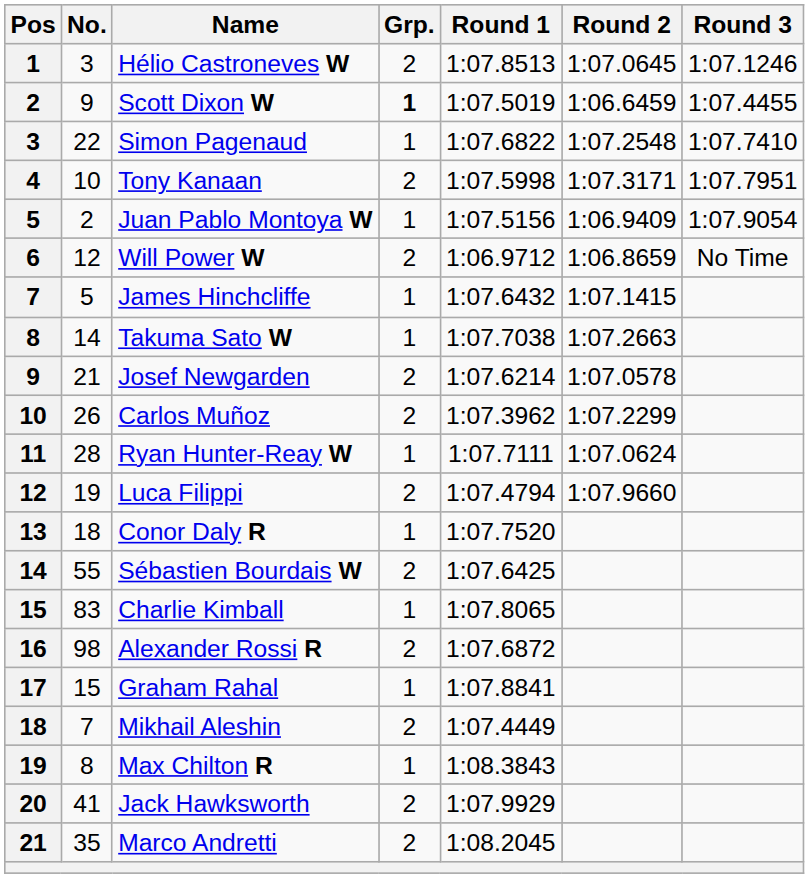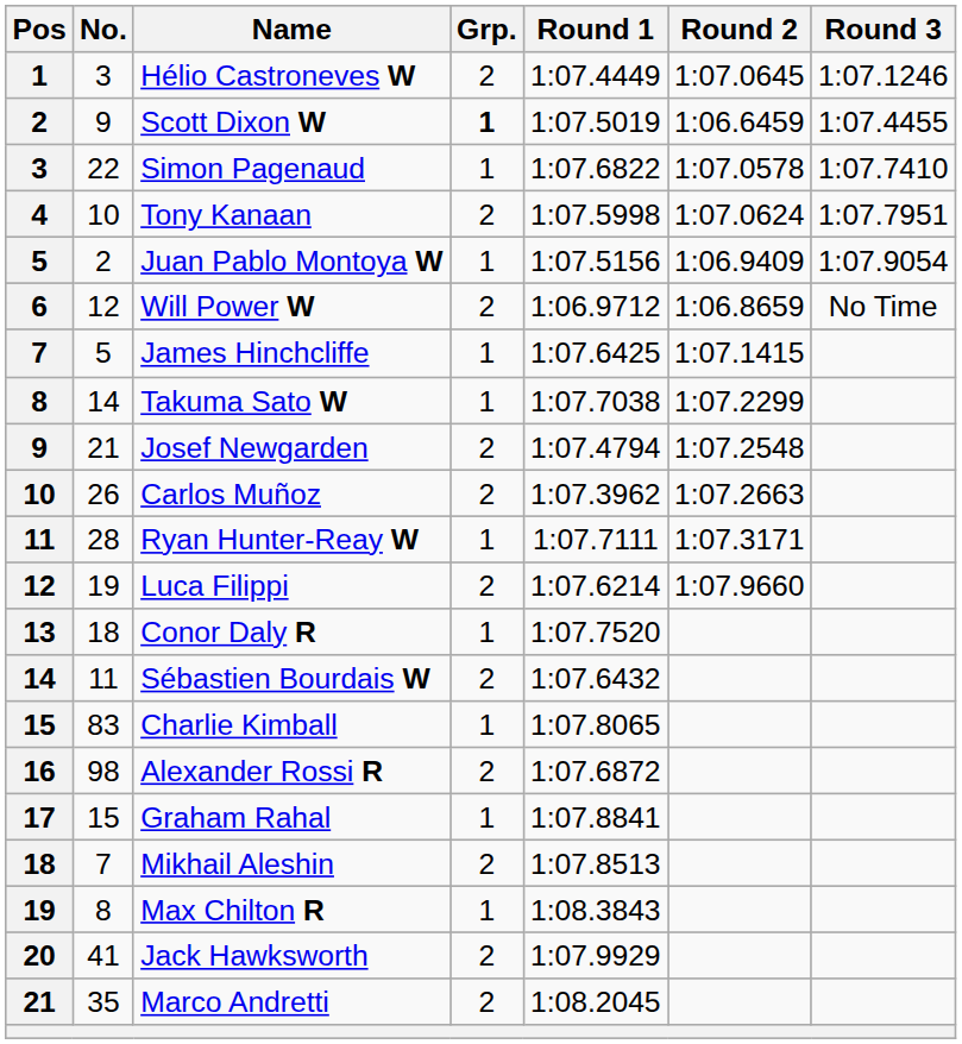 <table class="wikitable sortable" style="text-align:center; font-size: 95%;">
 <tr>
 <th>Pos</th>
 <th>No.</th>
 <th>Name</th>
 <th>Grp.</th>
 <th>Round 1</th>
 <th>Round 2</th>
 <th>Round 3</th>
 </tr>
 <tr>
 <th scope=>1</th>
 <td>3</td>
 <td align="left"> <a href='#'>Hélio Castroneves</a> <strong><span>W</span></strong></td>
 <td>2</td>
-<td>1:07.8513</td>
+<td>1:07.4449</td>
 <td>1:07.0645</td>
 <td>1:07.1246</td>
 </tr>
 <tr>
 <th scope=>2</th>
 <td>9</td>
 <td align="left"> <a href='#'>Scott Dixon</a> <strong><span>W</span></strong></td>
 <td><strong>1</strong></td>
 <td>1:07.5019</td>
 <td>1:06.6459</td>
 <td>1:07.4455</td>
 </tr>
 <tr>
 <th scope=>3</th>
 <td>22</td>
 <td align="left"> <a href='#'>Simon Pagenaud</a></td>
 <td>1</td>
 <td>1:07.6822</td>
-<td>1:07.2548</td>
+<td>1:07.0578</td>
 <td>1:07.7410</td>
 </tr>
 <tr>
 <th scope=>4</th>
 <td>10</td>
 <td align="left"> <a href='#'>Tony Kanaan</a></td>
 <td>2</td>
 <td>1:07.5998</td>
-<td>1:07.3171</td>
+<td>1:07.0624</td>
 <td>1:07.7951</td>
 </tr>
 <tr>
 <th scope=>5</th>
 <td>2</td>
 <td align="left"> <a href='#'>Juan Pablo Montoya</a> <strong><span>W</span></strong></td>
 <td>1</td>
 <td>1:07.5156</td>
 <td>1:06.9409</td>
 <td>1:07.9054</td>
 </tr>
 <tr>
 <th scope=>6</th>
 <td>12</td>
 <td align="left"> <a href='#'>Will Power</a> <strong><span>W</span></strong></td>
 <td>2</td>
 <td>1:06.9712</td>
 <td>1:06.8659</td>
 <td>No Time</td>
 </tr>
 <tr>
 <th scope=>7</th>
 <td>5</td>
 <td align="left"> <a href='#'>James Hinchcliffe</a></td>
 <td>1</td>
-<td>1:07.6432</td>
+<td>1:07.6425</td>
 <td>1:07.1415</td>
 <td></td>
 </tr>
 <tr>
 <th scope=>8</th>
 <td>14</td>
 <td align="left"> <a href='#'>Takuma Sato</a> <strong><span>W</span></strong></td>
 <td>1</td>
 <td>1:07.7038</td>
-<td>1:07.2663</td>
+<td>1:07.2299</td>
 <td></td>
 </tr>
 <tr>
 <th scope=>9</th>
 <td>21</td>
 <td align="left"> <a href='#'>Josef Newgarden</a></td>
 <td>2</td>
-<td>1:07.6214</td>
-<td>1:07.0578</td>
+<td>1:07.4794</td>
+<td>1:07.2548</td>
 <td></td>
 </tr>
 <tr>
 <th scope=>10</th>
 <td>26</td>
 <td align="left"> <a href='#'>Carlos Muñoz</a></td>
 <td>2</td>
 <td>1:07.3962</td>
-<td>1:07.2299</td>
+<td>1:07.2663</td>
 <td></td>
 </tr>
 <tr>
 <th scope=>11</th>
 <td>28</td>
 <td align="left"> <a href='#'>Ryan Hunter-Reay</a> <strong><span>W</span></strong></td>
 <td>1</td>
 <td>1:07.7111</td>
-<td>1:07.0624</td>
+<td>1:07.3171</td>
 <td></td>
 </tr>
 <tr>
 <th scope=>12</th>
 <td>19</td>
 <td align="left"> <a href='#'>Luca Filippi</a></td>
 <td>2</td>
-<td>1:07.4794</td>
+<td>1:07.6214</td>
 <td>1:07.9660</td>
 <td></td>
 </tr>
 <tr>
 <th scope=>13</th>
 <td>18</td>
 <td align="left"> <a href='#'>Conor Daly</a> <strong><span>R</span></strong></td>
 <td>1</td>
 <td>1:07.7520</td>
 <td></td>
 <td></td>
 </tr>
 <tr>
 <th scope=>14</th>
-<td>55</td>
+<td>11</td>
 <td align="left"> <a href='#'>Sébastien Bourdais</a> <strong><span>W</span></strong></td>
 <td>2</td>
-<td>1:07.6425</td>
+<td>1:07.6432</td>
 <td></td>
 <td></td>
 </tr>
 <tr>
 <th scope=>15</th>
 <td>83</td>
 <td align="left"> <a href='#'>Charlie Kimball</a></td>
 <td>1</td>
 <td>1:07.8065</td>
 <td></td>
 <td></td>
 </tr>
 <tr>
 <th scope=>16</th>
 <td>98</td>
 <td align="left"> <a href='#'>Alexander Rossi</a> <strong><span>R</span></strong></td>
 <td>2</td>
 <td>1:07.6872</td>
 <td></td>
 <td></td>
 </tr>
 <tr>
 <th scope=>17</th>
 <td>15</td>
 <td align="left"> <a href='#'>Graham Rahal</a></td>
 <td>1</td>
 <td>1:07.8841</td>
 <td></td>
 <td></td>
 </tr>
 <tr>
 <th scope=>18</th>
 <td>7</td>
 <td align="left"> <a href='#'>Mikhail Aleshin</a></td>
 <td>2</td>
-<td>1:07.4449</td>
+<td>1:07.8513</td>
 <td></td>
 <td></td>
 </tr>
 <tr>
 <th scope=>19</th>
 <td>8</td>
 <td align="left"> <a href='#'>Max Chilton</a> <strong><span>R</span></strong></td>
 <td>1</td>
 <td>1:08.3843</td>
 <td></td>
 <td></td>
 </tr>
 <tr>
 <th scope=>20</th>
 <td>41</td>
 <td align="left"> <a href='#'>Jack Hawksworth</a></td>
 <td>2</td>
 <td>1:07.9929</td>
 <td></td>
 <td></td>
 </tr>
 <tr>
 <th scope=>21</th>
 <td>35</td>
 <td align="left"> <a href='#'>Marco Andretti</a></td>
 <td>2</td>
 <td>1:08.2045</td>
 <td></td>
 <td></td>
 </tr>
 <tr>
 <th colspan=11></th>
 </tr>
 </table>
